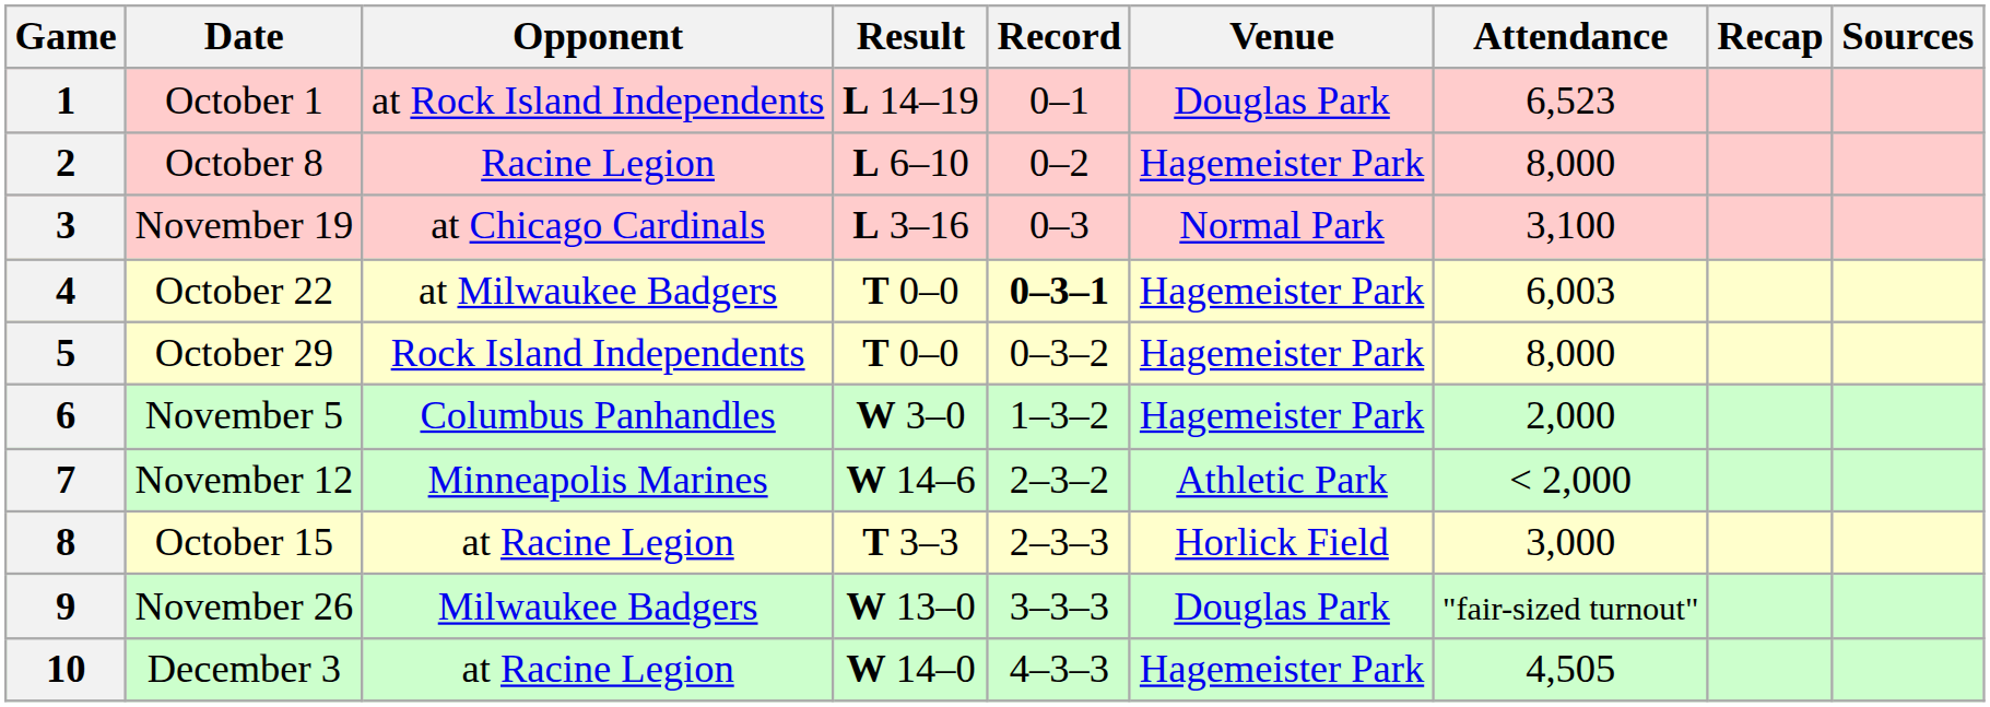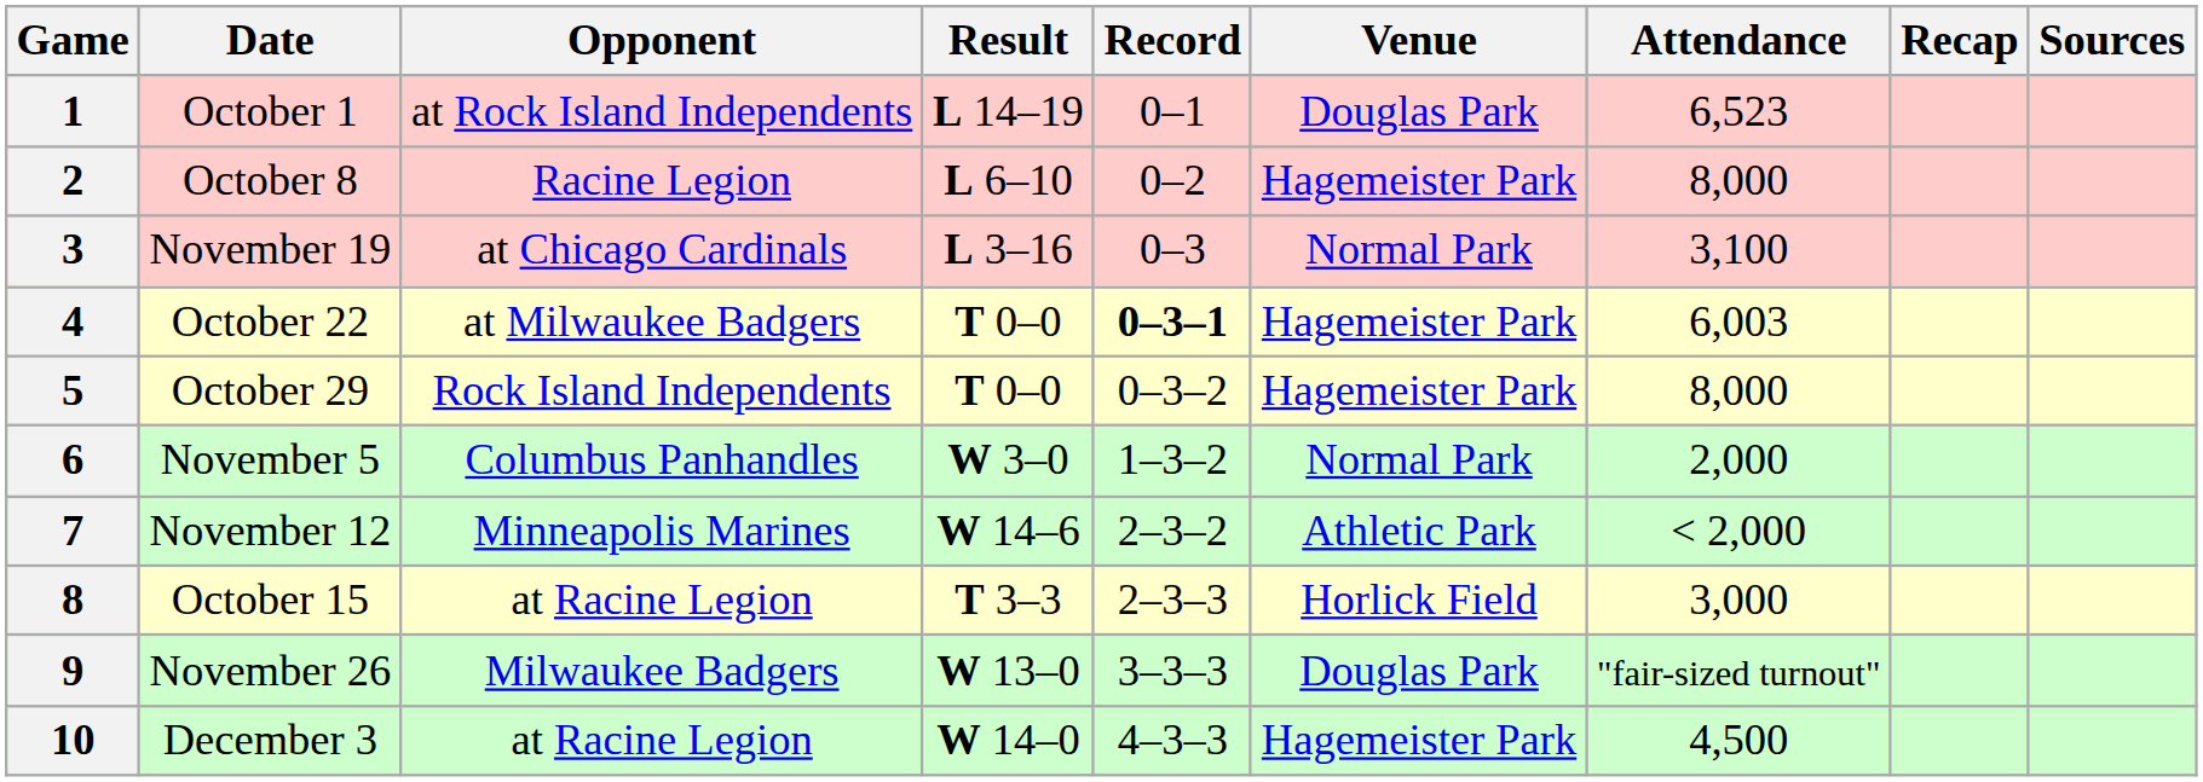 <table class="wikitable" style="text-align:center">
 <tr>
 <th>Game</th>
 <th>Date</th>
 <th>Opponent</th>
 <th>Result</th>
 <th>Record</th>
 <th>Venue</th>
 <th>Attendance</th>
 <th>Recap</th>
 <th>Sources</th>
 </tr>
 <tr style="background:#fcc">
 <th>1</th>
 <td>October 1</td>
 <td>at <a href='#'>Rock Island Independents</a></td>
 <td><strong>L</strong> 14–19</td>
 <td>0–1</td>
 <td><a href='#'>Douglas Park</a></td>
 <td>6,523</td>
 <td></td>
 <td></td>
 </tr>
 <tr style="background:#fcc">
 <th>2</th>
 <td>October 8</td>
 <td><a href='#'>Racine Legion</a></td>
 <td><strong>L</strong> 6–10</td>
 <td>0–2</td>
 <td><a href='#'>Hagemeister Park</a></td>
 <td>8,000</td>
 <td></td>
 <td></td>
 </tr>
 <tr style="background:#fcc">
 <th>3</th>
 <td>November 19</td>
 <td>at <a href='#'>Chicago Cardinals</a></td>
 <td><strong>L</strong> 3–16</td>
 <td>0–3</td>
 <td><a href='#'>Normal Park</a></td>
 <td>3,100</td>
 <td></td>
 <td></td>
 </tr>
 <tr style="background:#ffc">
 <th>4</th>
 <td>October 22</td>
 <td>at <a href='#'>Milwaukee Badgers</a></td>
 <td><strong>T</strong> 0–0</td>
 <td><strong>0–3–1</strong></td>
 <td><a href='#'>Hagemeister Park</a></td>
 <td>6,003</td>
 <td></td>
 <td></td>
 </tr>
 <tr style="background:#ffc">
 <th>5</th>
 <td>October 29</td>
 <td><a href='#'>Rock Island Independents</a></td>
 <td><strong>T</strong> 0–0</td>
 <td>0–3–2</td>
 <td><a href='#'>Hagemeister Park</a></td>
 <td>8,000</td>
 <td></td>
 <td></td>
 </tr>
 <tr style="background:#cfc">
 <th>6</th>
 <td>November 5</td>
 <td><a href='#'>Columbus Panhandles</a></td>
 <td><strong>W</strong> 3–0</td>
 <td>1–3–2</td>
-<td><a href='#'>Hagemeister Park</a></td>
+<td><a href='#'>Normal Park</a></td>
 <td>2,000</td>
 <td></td>
 <td></td>
 </tr>
 <tr style="background:#cfc">
 <th>7</th>
 <td>November 12</td>
 <td><a href='#'>Minneapolis Marines</a></td>
 <td><strong>W</strong> 14–6</td>
 <td>2–3–2</td>
 <td><a href='#'>Athletic Park</a></td>
 <td>< 2,000</td>
 <td></td>
 <td></td>
 </tr>
 <tr style="background:#ffc">
 <th>8</th>
 <td>October 15</td>
 <td>at <a href='#'>Racine Legion</a></td>
 <td><strong>T</strong> 3–3</td>
 <td>2–3–3</td>
 <td><a href='#'>Horlick Field</a></td>
 <td>3,000</td>
 <td></td>
 <td></td>
 </tr>
 <tr style="background:#cfc">
 <th>9</th>
 <td>November 26</td>
 <td><a href='#'>Milwaukee Badgers</a></td>
 <td><strong>W</strong> 13–0</td>
 <td>3–3–3</td>
 <td><a href='#'>Douglas Park</a></td>
 <td><small>"fair-sized turnout"</small></td>
 <td></td>
 <td></td>
 </tr>
 <tr style="background:#cfc">
 <th>10</th>
 <td>December 3</td>
 <td>at <a href='#'>Racine Legion</a></td>
 <td><strong>W</strong> 14–0</td>
 <td>4–3–3</td>
 <td><a href='#'>Hagemeister Park</a></td>
-<td>4,505</td>
+<td>4,500</td>
 <td></td>
 <td></td>
 </tr>
 </table>
